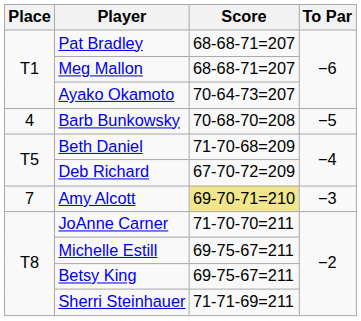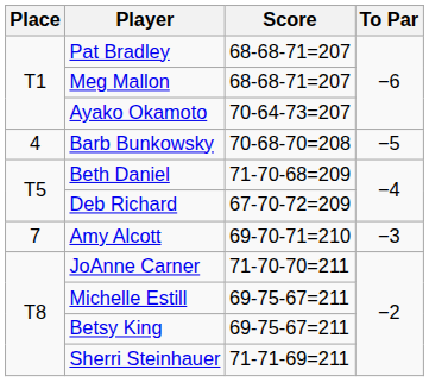 <table class="wikitable">
 <tr>
 <th>Place</th>
 <th>Player</th>
 <th>Score</th>
 <th>To Par</th>
 </tr>
 <tr>
 <td align=center rowspan=3>T1</td>
 <td> <a href='#'>Pat Bradley</a></td>
 <td>68-68-71=207</td>
 <td align=center rowspan=3>−6</td>
 </tr>
 <tr>
 <td> <a href='#'>Meg Mallon</a></td>
 <td>68-68-71=207</td>
 </tr>
 <tr>
 <td> <a href='#'>Ayako Okamoto</a></td>
 <td>70-64-73=207</td>
 </tr>
 <tr>
 <td align=center>4</td>
 <td> <a href='#'>Barb Bunkowsky</a></td>
 <td>70-68-70=208</td>
 <td align=center>−5</td>
 </tr>
 <tr>
 <td align=center rowspan=2>T5</td>
 <td> <a href='#'>Beth Daniel</a></td>
 <td>71-70-68=209</td>
 <td align=center rowspan=2>−4</td>
 </tr>
 <tr>
 <td> <a href='#'>Deb Richard</a></td>
 <td>67-70-72=209</td>
 </tr>
 <tr>
 <td align=center>7</td>
 <td> <a href='#'>Amy Alcott</a></td>
-<td style="background: khaki;">69-70-71=210</td>
+<td>69-70-71=210</td>
 <td align=center>−3</td>
 </tr>
 <tr>
 <td align=center rowspan=4>T8</td>
 <td> <a href='#'>JoAnne Carner</a></td>
 <td>71-70-70=211</td>
 <td align=center rowspan=4>−2</td>
 </tr>
 <tr>
 <td> <a href='#'>Michelle Estill</a></td>
 <td>69-75-67=211</td>
 </tr>
 <tr>
 <td> <a href='#'>Betsy King</a></td>
 <td>69-75-67=211</td>
 </tr>
 <tr>
 <td> <a href='#'>Sherri Steinhauer</a></td>
 <td>71-71-69=211</td>
 </tr>
 </table>
